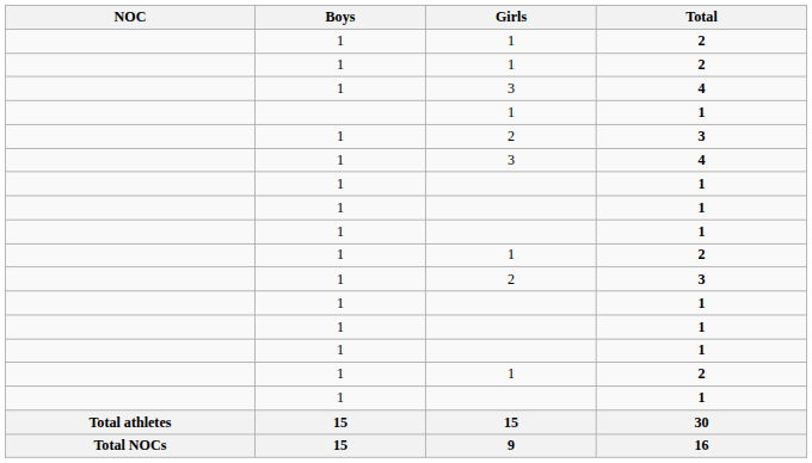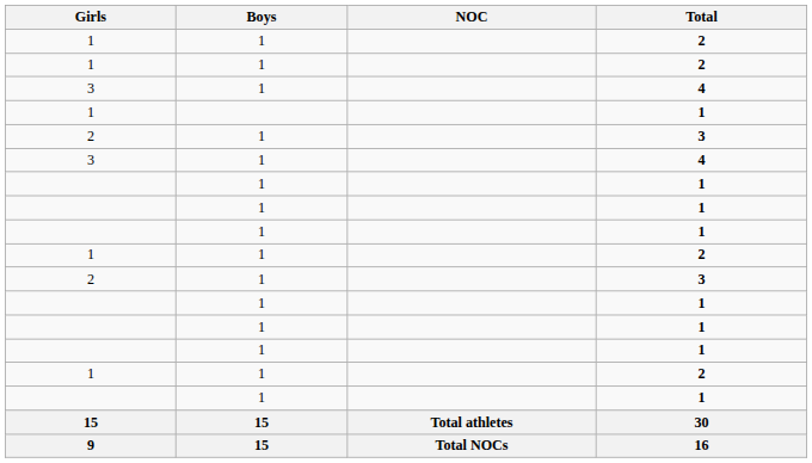 <table class="wikitable collapsible sortable"  style="width:800px; text-align:center; font-size:90%;">
 <tr>
+<th width=80><strong>Girls</strong></th>
+<th width=80><strong>Boys</strong></th>
 <th style="text-align:center; width:120px;"><strong>NOC</strong></th>
-<th width=80><strong>Boys</strong></th>
-<th width=80><strong>Girls</strong></th>
 <th width=100><strong>Total</strong></th>
 </tr>
 <tr>
-<td align=left></td>
 <td>1</td>
 <td>1</td>
+<td align=left></td>
 <td><strong>2</strong></td>
 </tr>
 <tr>
-<td align=left></td>
 <td>1</td>
 <td>1</td>
+<td align=left></td>
 <td><strong>2</strong></td>
 </tr>
 <tr>
+<td>3</td>
+<td>1</td>
 <td align=left></td>
-<td>1</td>
-<td>3</td>
 <td><strong>4</strong></td>
 </tr>
 <tr>
+<td>1</td>
+<td></td>
 <td align=left></td>
-<td></td>
-<td>1</td>
 <td><strong>1</strong></td>
 </tr>
 <tr>
+<td>2</td>
+<td>1</td>
 <td align=left></td>
-<td>1</td>
-<td>2</td>
 <td><strong>3</strong></td>
 </tr>
 <tr>
+<td>3</td>
+<td>1</td>
 <td align=left></td>
-<td>1</td>
-<td>3</td>
 <td><strong>4</strong></td>
 </tr>
 <tr>
+<td></td>
+<td>1</td>
 <td align=left></td>
-<td>1</td>
-<td></td>
 <td><strong>1</strong></td>
 </tr>
 <tr>
+<td></td>
+<td>1</td>
 <td align=left></td>
-<td>1</td>
-<td></td>
 <td><strong>1</strong></td>
 </tr>
 <tr>
+<td></td>
+<td>1</td>
 <td align=left></td>
-<td>1</td>
-<td></td>
 <td><strong>1</strong></td>
 </tr>
 <tr>
-<td align=left></td>
 <td>1</td>
 <td>1</td>
+<td align=left></td>
 <td><strong>2</strong></td>
 </tr>
 <tr>
+<td>2</td>
+<td>1</td>
 <td align=left></td>
-<td>1</td>
-<td>2</td>
 <td><strong>3</strong></td>
 </tr>
 <tr>
+<td></td>
+<td>1</td>
 <td align=left></td>
-<td>1</td>
-<td></td>
 <td><strong>1</strong></td>
 </tr>
 <tr>
+<td></td>
+<td>1</td>
 <td align=left></td>
-<td>1</td>
-<td></td>
 <td><strong>1</strong></td>
 </tr>
 <tr>
+<td></td>
+<td>1</td>
 <td align=left></td>
-<td>1</td>
-<td></td>
 <td><strong>1</strong></td>
 </tr>
 <tr>
-<td align=left></td>
 <td>1</td>
 <td>1</td>
+<td align=left></td>
 <td><strong>2</strong></td>
 </tr>
 <tr>
+<td></td>
+<td>1</td>
 <td align=left></td>
-<td>1</td>
-<td></td>
 <td><strong>1</strong></td>
 </tr>
 <tr class="sortbottom">
-<th>Total athletes</th>
 <th>15</th>
 <th>15</th>
+<th>Total athletes</th>
 <th><strong>30</strong></th>
 </tr>
 <tr class="sortbottom">
+<th>9</th>
+<th>15</th>
 <th>Total NOCs</th>
-<th>15</th>
-<th>9</th>
 <th><strong>16</strong></th>
 </tr>
 </table>
